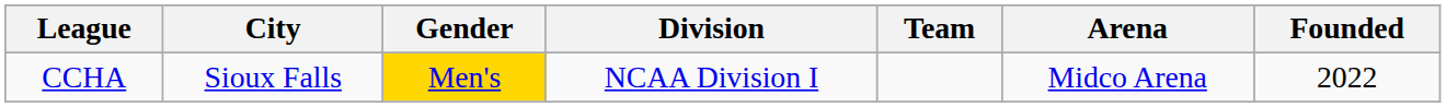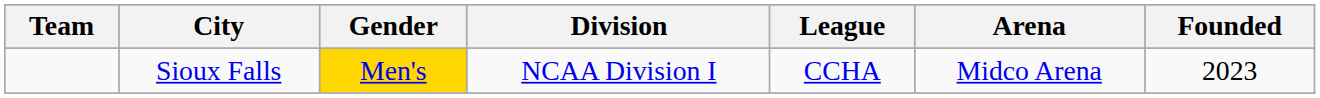 <table class="wikitable sortable" width="60%">
 <tr>
-<th>League</th>
+<th>Team</th>
 <th>City</th>
 <th>Gender</th>
 <th>Division</th>
-<th>Team</th>
+<th>League</th>
 <th>Arena</th>
 <th>Founded</th>
 </tr>
 <tr align=center>
-<td><a href='#'>CCHA</a></td>
+<td rowspan=1;><strong><a href='#'></a></strong></td>
 <td rowspan=1><a href='#'>Sioux Falls</a></td>
 <td style="background: gold;"><a href='#'>Men's</a></td>
 <td><a href='#'>NCAA Division I</a></td>
-<td rowspan=1;><strong><a href='#'></a></strong></td>
+<td><a href='#'>CCHA</a></td>
 <td><a href='#'>Midco Arena</a></td>
-<td>2022</td>
+<td>2023</td>
 </tr>
 </table>
